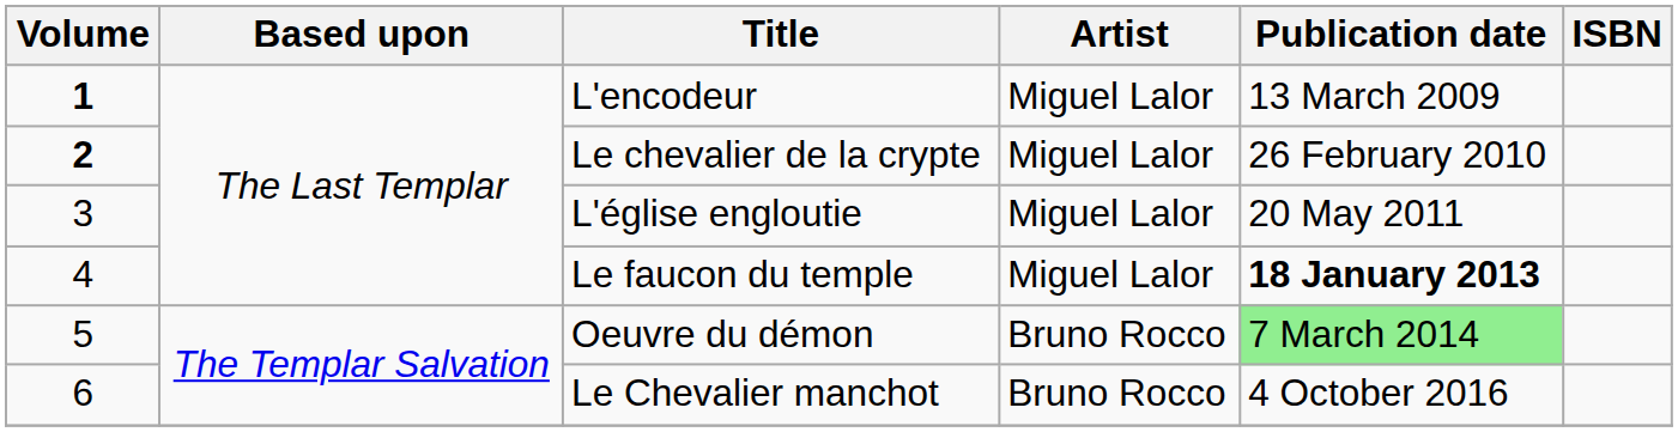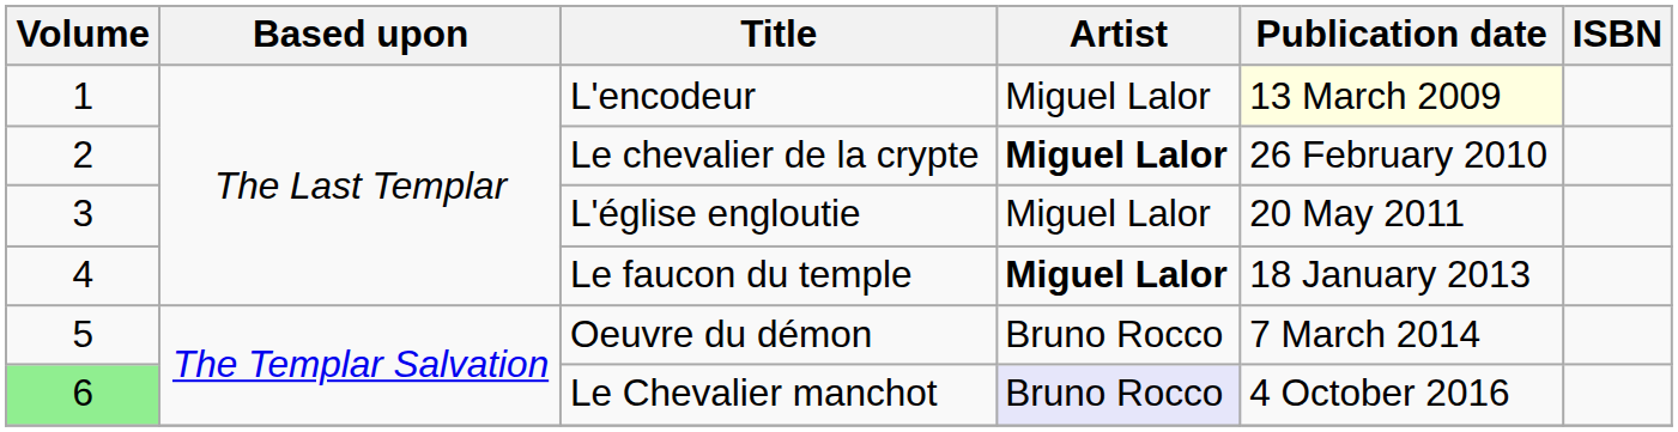 <table class="wikitable" style="text-align: center; min-width:80%">
 <tr>
 <th>Volume</th>
 <th>Based upon</th>
 <th>Title</th>
 <th>Artist</th>
 <th>Publication date</th>
 <th>ISBN</th>
 </tr>
 <tr>
-<td><strong>1</strong></td>
+<td>1</td>
 <td rowspan="4"><em>The Last Templar</em></td>
 <td style="text-align: left;">L'encodeur</td>
 <td style="text-align: left;">Miguel Lalor</td>
-<td style="text-align: left;">13 March 2009</td>
+<td style="background: lightyellow; text-align: left;">13 March 2009</td>
 <td style="text-align: left;"></td>
 </tr>
 <tr>
-<td><strong>2</strong></td>
+<td>2</td>
 <td style="text-align: left;">Le chevalier de la crypte</td>
-<td style="text-align: left;">Miguel Lalor</td>
+<td style="text-align: left;"><strong>Miguel Lalor</strong></td>
 <td style="text-align: left;">26 February 2010</td>
 <td style="text-align: left;"></td>
 </tr>
 <tr>
 <td>3</td>
 <td style="text-align: left;">L'église engloutie</td>
 <td style="text-align: left;">Miguel Lalor</td>
 <td style="text-align: left;">20 May 2011</td>
 <td style="text-align: left;"></td>
 </tr>
 <tr>
 <td>4</td>
 <td style="text-align: left;">Le faucon du temple</td>
-<td style="text-align: left;">Miguel Lalor</td>
-<td style="text-align: left;"><strong>18 January 2013</strong></td>
+<td style="text-align: left;"><strong>Miguel Lalor</strong></td>
+<td style="text-align: left;">18 January 2013</td>
 <td style="text-align: left;"></td>
 </tr>
 <tr>
 <td>5</td>
 <td rowspan="2"><em><a href='#'>The Templar Salvation</a></em></td>
 <td style="text-align: left;">Oeuvre du démon</td>
 <td style="text-align: left;">Bruno Rocco</td>
-<td style="background: lightgreen; text-align: left;">7 March 2014</td>
+<td style="text-align: left;">7 March 2014</td>
 <td style="text-align: left;"></td>
 </tr>
 <tr>
-<td>6</td>
+<td style="background: lightgreen;">6</td>
 <td style="text-align: left;">Le Chevalier manchot</td>
-<td style="text-align: left;">Bruno Rocco</td>
+<td style="background: lavender; text-align: left;">Bruno Rocco</td>
 <td style="text-align: left;">4 October 2016</td>
 <td style="text-align: left;"></td>
 </tr>
 <tr>
 </tr>
 </table>
